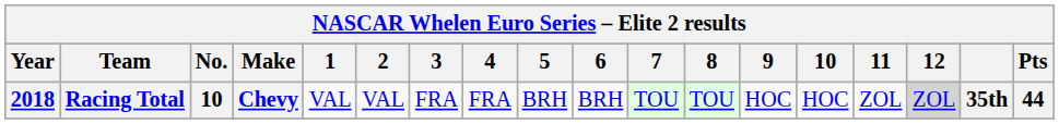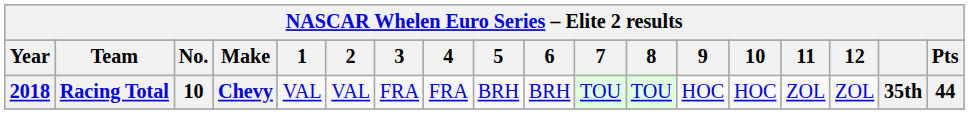 <table class="wikitable" style="text-align:center; font-size:75%">
 <tr>
 <th colspan=21><a href='#'>NASCAR Whelen Euro Series</a> – Elite 2 results</th>
 </tr>
 <tr>
 <th>Year</th>
 <th>Team</th>
 <th>No.</th>
 <th>Make</th>
 <th>1</th>
 <th>2</th>
 <th>3</th>
 <th>4</th>
 <th>5</th>
 <th>6</th>
 <th>7</th>
 <th>8</th>
 <th>9</th>
 <th>10</th>
 <th>11</th>
 <th>12</th>
 <th></th>
 <th>Pts</th>
 </tr>
 <tr>
 <th><a href='#'>2018</a></th>
 <th><a href='#'>Racing Total</a></th>
 <th>10</th>
 <th><a href='#'>Chevy</a></th>
 <td><a href='#'>VAL</a></td>
 <td><a href='#'>VAL</a></td>
 <td><a href='#'>FRA</a></td>
 <td><a href='#'>FRA</a></td>
 <td><a href='#'>BRH</a></td>
 <td><a href='#'>BRH</a></td>
 <td style="background:#DFFFDF;"><a href='#'>TOU</a><br></td>
 <td style="background:#DFFFDF;"><a href='#'>TOU</a><br></td>
 <td><a href='#'>HOC</a></td>
 <td><a href='#'>HOC</a></td>
 <td><a href='#'>ZOL</a></td>
-<td style="background: lightgrey;"><a href='#'>ZOL</a></td>
+<td><a href='#'>ZOL</a></td>
 <th>35th</th>
 <th>44</th>
 </tr>
 </table>
